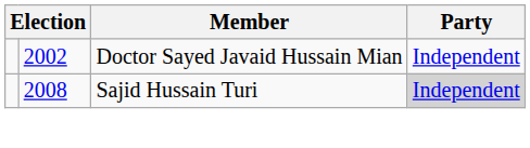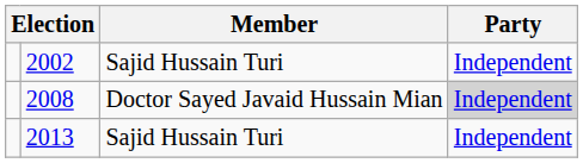 <table class="wikitable">
 <tr>
 <th colspan="2">Election</th>
 <th>Member</th>
 <th>Party</th>
 </tr>
 <tr>
 <td style="background-color: "></td>
 <td><a href='#'>2002</a></td>
-<td>Doctor Sayed Javaid Hussain Mian</td>
+<td>Sajid Hussain Turi</td>
 <td><a href='#'>Independent</a></td>
 </tr>
 <tr>
 <td style="background-color: "></td>
 <td><a href='#'>2008</a></td>
-<td>Sajid Hussain Turi</td>
+<td>Doctor Sayed Javaid Hussain Mian</td>
 <td style="background: lightgrey;"><a href='#'>Independent</a></td>
 </tr>
+<tr>
+<td style="background-color: "></td>
+<td><a href='#'>2013</a></td>
+<td>Sajid Hussain Turi</td>
+<td><a href='#'>Independent</a></td>
+</tr>
 </table>
